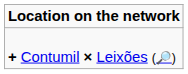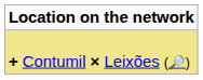 <table role="presentation" class="wikitable mw-collapsible mw-collapsed floatright">
 <tr>
 <td><strong>Location on the network</strong></td>
 </tr>
 <tr>
-<td><br><span><strong>+</strong> <a href='#'>Contumil</a></span> <span><strong>×</strong> <a href='#'>Leixões</a></span> <small>(<a href='#'>🔎</a>)</small></td>
+<td style="background: khaki;"><br><span><strong>+</strong> <a href='#'>Contumil</a></span> <span><strong>×</strong> <a href='#'>Leixões</a></span> <small>(<a href='#'>🔎</a>)</small></td>
 </tr>
 </table>
